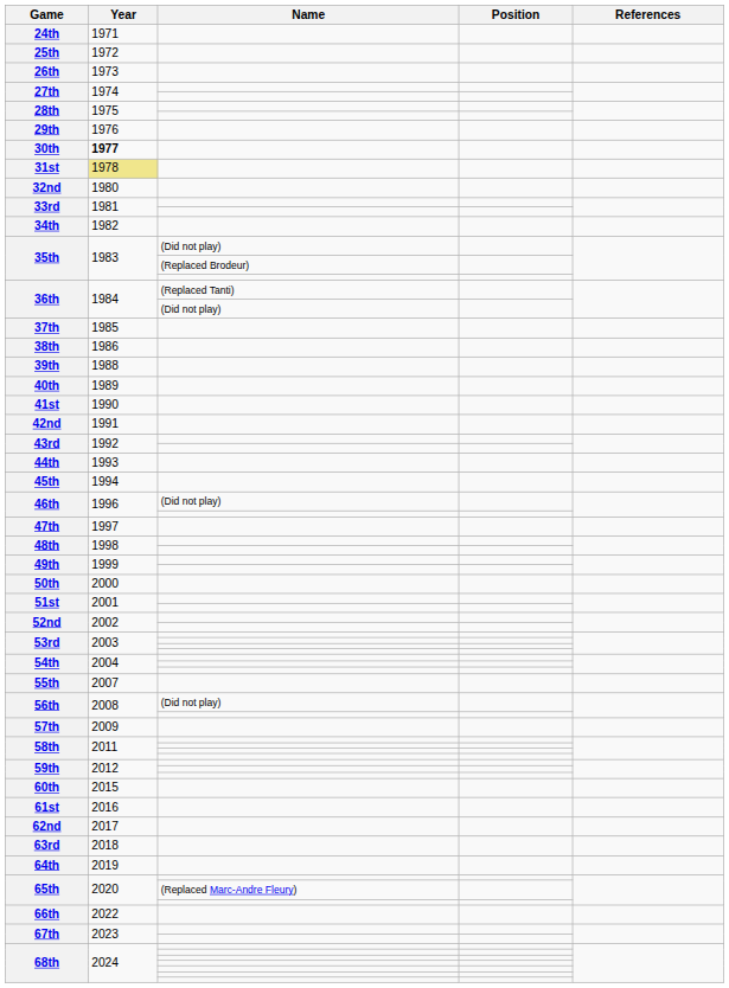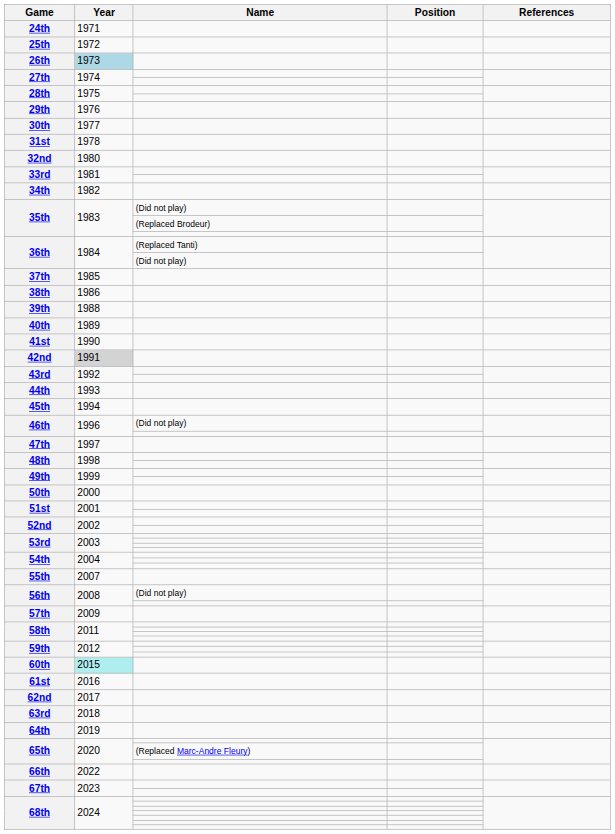 <table class="wikitable sortable" width="75%">
 <tr>
 <th scope="col">Game</th>
 <th scope="col">Year</th>
 <th scope="col">Name</th>
 <th scope="col">Position</th>
 <th scope="col" class="unsortable">References</th>
 </tr>
 <tr>
 <th scope="row"><a href='#'>24th</a></th>
 <td>1971</td>
 <td></td>
 <td></td>
 <td></td>
 </tr>
 <tr>
 <th scope="row"><a href='#'>25th</a></th>
 <td>1972</td>
 <td></td>
 <td></td>
 <td></td>
 </tr>
 <tr>
 <th scope="row"><a href='#'>26th</a></th>
-<td>1973</td>
+<td style="background: lightblue;">1973</td>
 <td></td>
 <td></td>
 <td></td>
 </tr>
 <tr>
 <th scope="row" rowspan="2"><a href='#'>27th</a></th>
 <td rowspan="2">1974</td>
 <td></td>
 <td></td>
 <td rowspan="2"></td>
 </tr>
 <tr>
 <td></td>
 <td></td>
 </tr>
 <tr>
 <th scope="row" rowspan="2"><a href='#'>28th</a></th>
 <td rowspan="2">1975</td>
 <td></td>
 <td></td>
 <td rowspan="2"></td>
 </tr>
 <tr>
 <td></td>
 <td></td>
 </tr>
 <tr>
 <th scope="row"><a href='#'>29th</a></th>
 <td>1976</td>
 <td></td>
 <td></td>
 <td></td>
 </tr>
 <tr>
 <th scope="row"><a href='#'>30th</a></th>
-<td><strong>1977</strong></td>
+<td>1977</td>
 <td></td>
 <td></td>
 <td></td>
 </tr>
 <tr>
 <th scope="row"><a href='#'>31st</a></th>
-<td style="background: khaki;">1978</td>
+<td>1978</td>
 <td></td>
 <td></td>
 <td></td>
 </tr>
 <tr>
 <th scope="row"><a href='#'>32nd</a></th>
 <td>1980</td>
 <td></td>
 <td></td>
 <td></td>
 </tr>
 <tr>
 <th scope="row" rowspan="2"><a href='#'>33rd</a></th>
 <td rowspan="2">1981</td>
 <td></td>
 <td></td>
 <td rowspan="2"></td>
 </tr>
 <tr>
 <td></td>
 <td></td>
 </tr>
 <tr>
 <th scope="row"><a href='#'>34th</a></th>
 <td>1982</td>
 <td></td>
 <td></td>
 <td></td>
 </tr>
 <tr>
 <th scope="row" rowspan="3"><a href='#'>35th</a></th>
 <td rowspan="3">1983</td>
 <td> <small>(Did not play)</small></td>
 <td></td>
 <td rowspan="3"></td>
 </tr>
 <tr>
 <td> <small>(Replaced Brodeur)</small></td>
 <td></td>
 </tr>
 <tr>
 <td></td>
 <td></td>
 </tr>
 <tr>
 <th scope="row" rowspan="2"><a href='#'>36th</a></th>
 <td rowspan="2">1984</td>
 <td> <small>(Replaced Tanti)</small></td>
 <td></td>
 <td rowspan="2"></td>
 </tr>
 <tr>
 <td> <small>(Did not play)</small></td>
 <td></td>
 </tr>
 <tr>
 <th scope="row"><a href='#'>37th</a></th>
 <td>1985</td>
 <td></td>
 <td></td>
 <td></td>
 </tr>
 <tr>
 <th scope="row"><a href='#'>38th</a></th>
 <td>1986</td>
 <td></td>
 <td></td>
 <td></td>
 </tr>
 <tr>
 <th scope="row"><a href='#'>39th</a></th>
 <td>1988</td>
 <td></td>
 <td></td>
 <td></td>
 </tr>
 <tr>
 <th scope="row"><a href='#'>40th</a></th>
 <td>1989</td>
 <td></td>
 <td></td>
 <td></td>
 </tr>
 <tr>
 <th scope="row"><a href='#'>41st</a></th>
 <td>1990</td>
 <td></td>
 <td></td>
 <td></td>
 </tr>
 <tr>
 <th scope="row"><a href='#'>42nd</a></th>
-<td>1991</td>
+<td style="background: lightgrey;">1991</td>
 <td></td>
 <td></td>
 <td></td>
 </tr>
 <tr>
 <th scope="row" rowspan="2"><a href='#'>43rd</a></th>
 <td rowspan="2">1992</td>
 <td></td>
 <td></td>
 <td rowspan="2"></td>
 </tr>
 <tr>
 <td></td>
 <td></td>
 </tr>
 <tr>
 <th scope="row"><a href='#'>44th</a></th>
 <td>1993</td>
 <td></td>
 <td></td>
 <td></td>
 </tr>
 <tr>
 <th scope="row"><a href='#'>45th</a></th>
 <td>1994</td>
 <td></td>
 <td></td>
 <td></td>
 </tr>
 <tr>
 <th scope="row" rowspan="2"><a href='#'>46th</a></th>
 <td rowspan="2">1996</td>
 <td> <small>(Did not play)</small></td>
 <td></td>
 <td rowspan="2"></td>
 </tr>
 <tr>
 <td></td>
 <td></td>
 </tr>
 <tr>
 <th scope="row"><a href='#'>47th</a></th>
 <td>1997</td>
 <td></td>
 <td></td>
 <td></td>
 </tr>
 <tr>
 <th scope="row" rowspan="2"><a href='#'>48th</a></th>
 <td rowspan="2">1998</td>
 <td></td>
 <td></td>
 <td rowspan="2"></td>
 </tr>
 <tr>
 <td></td>
 <td></td>
 </tr>
 <tr>
 <th scope="row" rowspan="2"><a href='#'>49th</a></th>
 <td rowspan="2">1999</td>
 <td></td>
 <td></td>
 <td rowspan="2"></td>
 </tr>
 <tr>
 <td></td>
 <td></td>
 </tr>
 <tr>
 <th scope="row"><a href='#'>50th</a></th>
 <td>2000</td>
 <td></td>
 <td></td>
 <td></td>
 </tr>
 <tr>
 <th scope="row" rowspan="2"><a href='#'>51st</a></th>
 <td rowspan="2">2001</td>
 <td></td>
 <td></td>
 <td rowspan="2"></td>
 </tr>
 <tr>
 <td></td>
 <td></td>
 </tr>
 <tr>
 <th scope="row" rowspan="2"><a href='#'>52nd</a></th>
 <td rowspan="2">2002</td>
 <td></td>
 <td></td>
 <td rowspan="2"></td>
 </tr>
 <tr>
 <td></td>
 <td></td>
 </tr>
 <tr>
 <th scope="row" rowspan="4"><a href='#'>53rd</a></th>
 <td rowspan="4">2003</td>
 <td></td>
 <td></td>
 <td rowspan="4"></td>
 </tr>
 <tr>
 <td></td>
 <td></td>
 </tr>
 <tr>
 <td></td>
 <td></td>
 </tr>
 <tr>
 <td></td>
 <td></td>
 </tr>
 <tr>
 <th scope="row" rowspan="3"><a href='#'>54th</a></th>
 <td rowspan="3">2004</td>
 <td></td>
 <td></td>
 <td rowspan="3"></td>
 </tr>
 <tr>
 <td></td>
 <td></td>
 </tr>
 <tr>
 <td></td>
 <td></td>
 </tr>
 <tr>
 <th scope="row"><a href='#'>55th</a></th>
 <td>2007</td>
 <td></td>
 <td></td>
 <td></td>
 </tr>
 <tr>
 <th scope="row" rowspan="2"><a href='#'>56th</a></th>
 <td rowspan="2">2008</td>
 <td> <small>(Did not play)</small></td>
 <td></td>
 <td rowspan="2"></td>
 </tr>
 <tr>
 <td></td>
 <td></td>
 </tr>
 <tr>
 <th scope="row"><a href='#'>57th</a></th>
 <td>2009</td>
 <td></td>
 <td></td>
 <td></td>
 </tr>
 <tr>
 <th scope="row" rowspan="4"><a href='#'>58th</a></th>
 <td rowspan="4">2011</td>
 <td></td>
 <td></td>
 <td rowspan="4"></td>
 </tr>
 <tr>
 <td></td>
 <td></td>
 </tr>
 <tr>
 <td></td>
 <td></td>
 </tr>
 <tr>
 <td></td>
 <td></td>
 </tr>
 <tr>
 <th scope="row" rowspan="3"><a href='#'>59th</a></th>
 <td rowspan="3">2012</td>
 <td></td>
 <td></td>
 <td rowspan="3"></td>
 </tr>
 <tr>
 <td></td>
 <td></td>
 </tr>
 <tr>
 <td></td>
 <td></td>
 </tr>
 <tr>
 <th scope="row"><a href='#'>60th</a></th>
-<td>2015</td>
+<td style="background: paleturquoise;">2015</td>
 <td></td>
 <td></td>
 <td></td>
 </tr>
 <tr>
 <th scope="row"><a href='#'>61st</a></th>
 <td>2016</td>
 <td></td>
 <td></td>
 <td></td>
 </tr>
 <tr>
 <th scope="row"><a href='#'>62nd</a></th>
 <td>2017</td>
 <td></td>
 <td></td>
 <td></td>
 </tr>
 <tr>
 <th scope="row"><a href='#'>63rd</a></th>
 <td>2018</td>
 <td></td>
 <td></td>
 <td></td>
 </tr>
 <tr>
 <th scope="row"><a href='#'>64th</a></th>
 <td>2019</td>
 <td></td>
 <td></td>
 <td></td>
 </tr>
 <tr>
 <th scope="row" rowspan="3"><a href='#'>65th</a></th>
 <td rowspan="3">2020</td>
 <td></td>
 <td></td>
 <td rowspan="3"></td>
 </tr>
 <tr>
 <td> <small>(Replaced <a href='#'>Marc-Andre Fleury</a>)</small></td>
 <td></td>
 </tr>
 <tr>
 <td></td>
 <td></td>
 </tr>
 <tr>
 <th scope="row"><a href='#'>66th</a></th>
 <td>2022</td>
 <td></td>
 <td></td>
 <td></td>
 </tr>
 <tr>
 <th scope="row" rowspan="2"><a href='#'>67th</a></th>
 <td rowspan="2">2023</td>
 <td></td>
 <td></td>
 <td rowspan="2"></td>
 </tr>
 <tr>
 <td></td>
 <td></td>
 </tr>
 <tr>
 <th scope="row" rowspan="7"><a href='#'>68th</a></th>
 <td rowspan="7">2024</td>
 <td></td>
 <td></td>
 <td rowspan="7"></td>
 </tr>
 <tr>
 <td></td>
 <td></td>
 </tr>
 <tr>
 <td></td>
 <td></td>
 </tr>
 <tr>
 <td></td>
 <td></td>
 </tr>
 <tr>
 <td></td>
 <td></td>
 </tr>
 <tr>
 <td></td>
 <td></td>
 </tr>
 <tr>
 <td></td>
 <td></td>
 </tr>
 </table>
